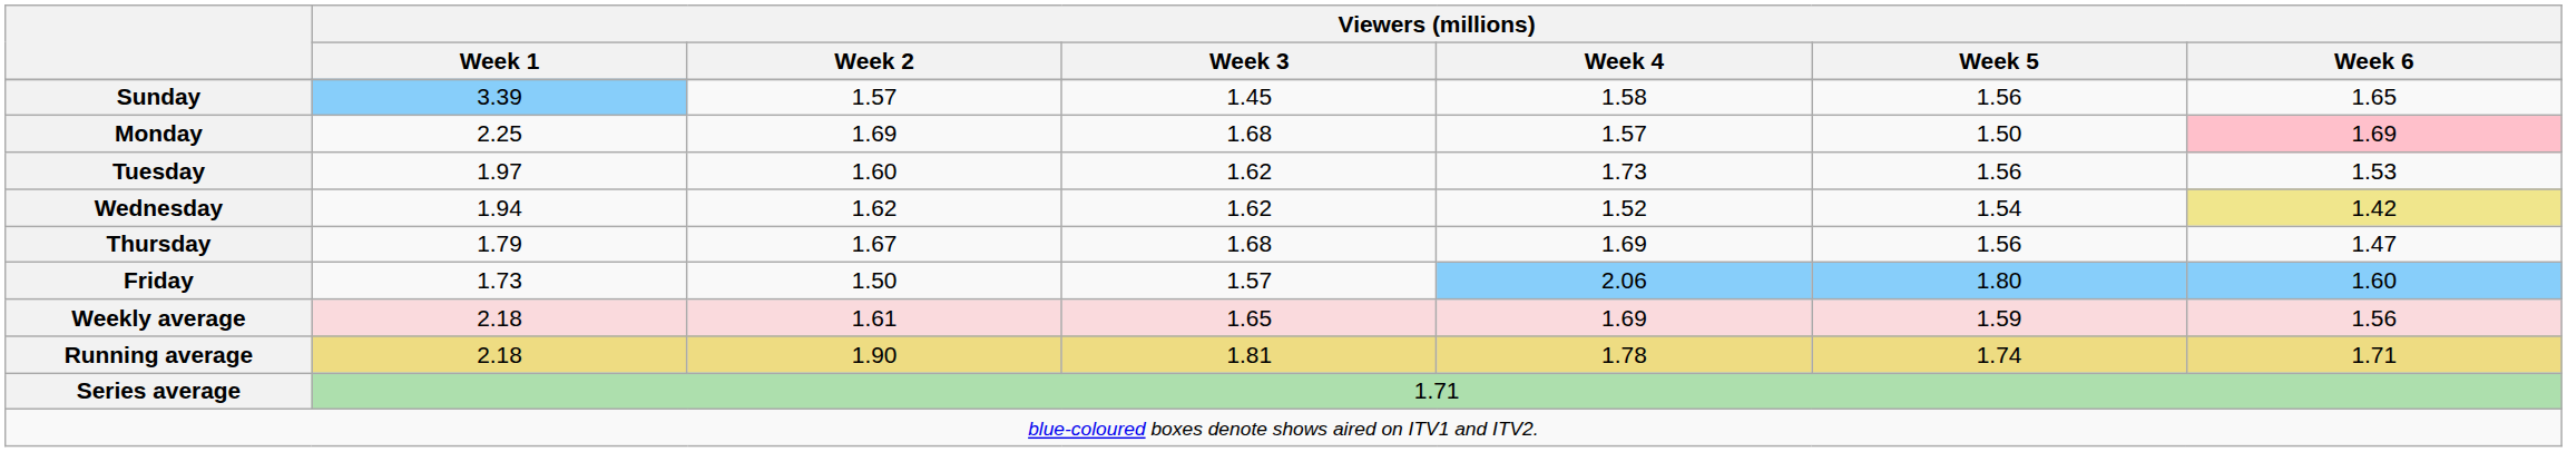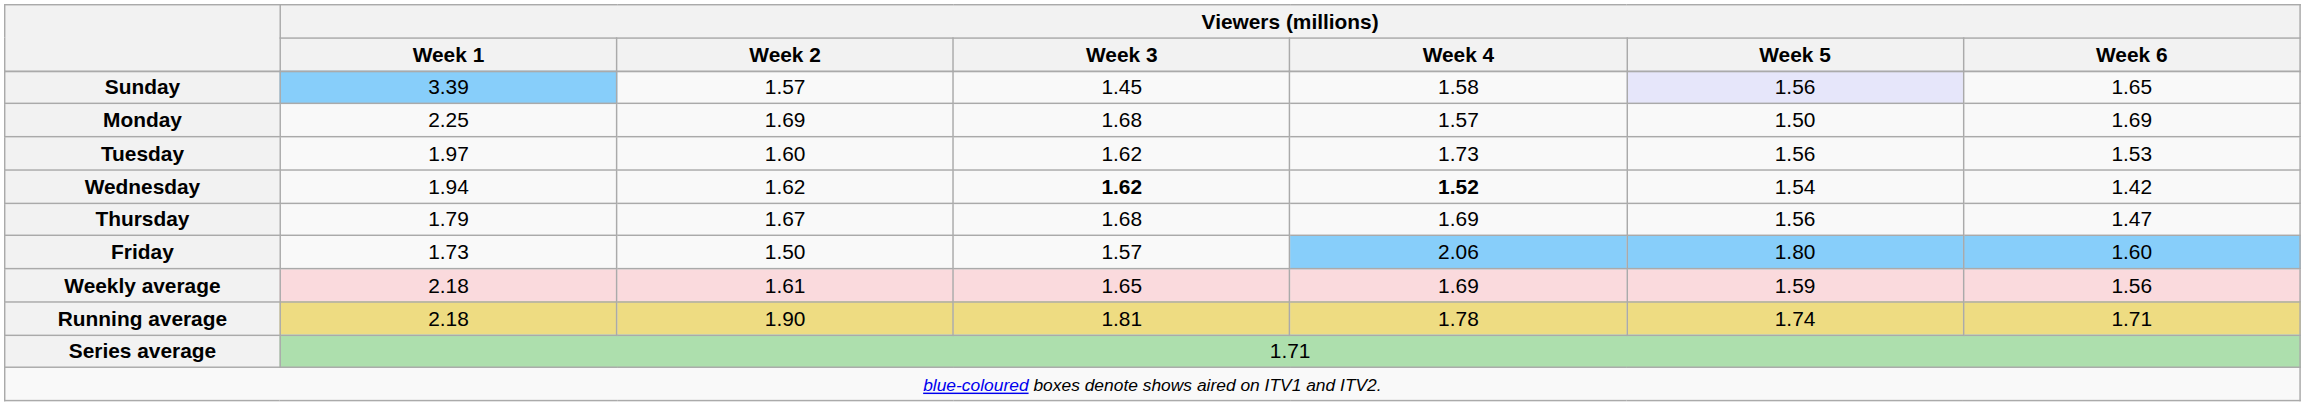 <table class="wikitable" style="font-size:90%; text-align:center; width: 100%; margin-left: auto; margin-right: auto;">
 <tr>
 <th scope="col" rowspan="2" style="width:12%;"></th>
 <th scope=col colspan=6>Viewers (millions)</th>
 </tr>
 <tr>
 <th>Week 1</th>
 <th>Week 2</th>
 <th>Week 3</th>
 <th>Week 4</th>
 <th>Week 5</th>
 <th>Week 6</th>
 </tr>
 <tr>
 </tr>
 <tr>
 <th>Sunday</th>
 <td style="background:#87CEFA;">3.39</td>
 <td>1.57</td>
 <td>1.45</td>
 <td>1.58</td>
-<td>1.56</td>
+<td style="background: lavender;">1.56</td>
 <td>1.65</td>
 </tr>
 <tr>
 <th>Monday</th>
 <td>2.25</td>
 <td>1.69</td>
 <td>1.68</td>
 <td>1.57</td>
 <td>1.50</td>
-<td style="background: pink;">1.69</td>
+<td>1.69</td>
 </tr>
 <tr>
 <th>Tuesday</th>
 <td>1.97</td>
 <td>1.60</td>
 <td>1.62</td>
 <td>1.73</td>
 <td>1.56</td>
 <td>1.53</td>
 </tr>
 <tr>
 <th>Wednesday</th>
 <td>1.94</td>
 <td>1.62</td>
-<td>1.62</td>
-<td>1.52</td>
+<td><strong>1.62</strong></td>
+<td><strong>1.52</strong></td>
 <td>1.54</td>
-<td style="background: khaki;">1.42</td>
+<td>1.42</td>
 </tr>
 <tr>
 <th>Thursday</th>
 <td>1.79</td>
 <td>1.67</td>
 <td>1.68</td>
 <td>1.69</td>
 <td>1.56</td>
 <td>1.47</td>
 </tr>
 <tr>
 <th>Friday</th>
 <td>1.73</td>
 <td>1.50</td>
 <td>1.57</td>
 <td style="background:#87CEFA;">2.06</td>
 <td style="background:#87CEFA;">1.80</td>
 <td style="background:#87CEFA;">1.60</td>
 </tr>
 <tr>
 <th>Weekly average</th>
 <td style="background:#FADADD;">2.18</td>
 <td style="background:#FADADD;">1.61</td>
 <td style="background:#FADADD;">1.65</td>
 <td style="background:#FADADD;">1.69</td>
 <td style="background:#FADADD;">1.59</td>
 <td style="background:#FADADD;">1.56</td>
 </tr>
 <tr>
 <th>Running average</th>
 <td style="background:#EEDC82;">2.18</td>
 <td style="background:#EEDC82;">1.90</td>
 <td style="background:#EEDC82;">1.81</td>
 <td style="background:#EEDC82;">1.78</td>
 <td style="background:#EEDC82;">1.74</td>
 <td style="background:#EEDC82;">1.71</td>
 </tr>
 <tr>
 <th>Series average</th>
 <td colspan="6" style="background:#ADDFAD;">1.71</td>
 </tr>
 <tr>
 <td colspan=7><small><em><a href='#'>blue-coloured</a> boxes denote shows aired on ITV1 and ITV2.</em></small></td>
 </tr>
 </table>
